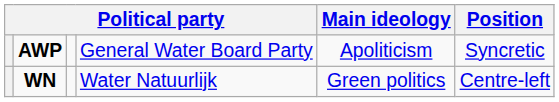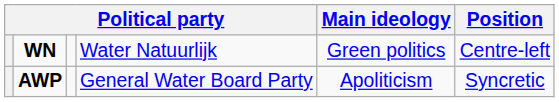 <table class="wikitable" style="text-align:center">
 <tr>
 <th colspan="4"><a href='#'>Political party</a></th>
 <th><a href='#'>Main ideology</a></th>
 <th><a href='#'>Position</a></th>
+</tr>
+<tr>
+<th style="background:"></th>
+<td><strong>WN</strong></td>
+<td></td>
+<td style="text-align:left;"><a href='#'>Water Natuurlijk</a></td>
+<td><a href='#'>Green politics</a></td>
+<td><a href='#'>Centre-left</a></td>
 </tr>
 <tr>
 <th style="background:"></th>
 <td><strong>AWP</strong></td>
 <td></td>
 <td style="text-align:left;"><a href='#'>General Water Board Party</a> <br> </td>
 <td><a href='#'>Apoliticism</a></td>
 <td><a href='#'>Syncretic</a></td>
 </tr>
-<tr>
-<th style="background:"></th>
-<td><strong>WN</strong></td>
-<td></td>
-<td style="text-align:left;"><a href='#'>Water Natuurlijk</a></td>
-<td><a href='#'>Green politics</a></td>
-<td><a href='#'>Centre-left</a></td>
-</tr>
 </table>
